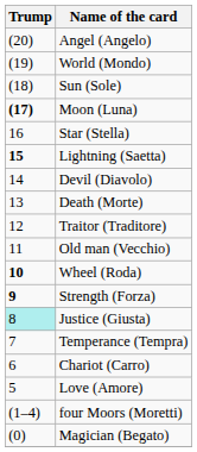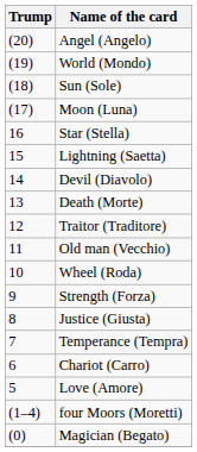 <table class=wikitable>
 <tr>
 <th><strong>Trump</strong></th>
 <th><strong>Name of the card</strong></th>
 </tr>
 <tr>
 <td>(20)</td>
 <td>Angel (Angelo)</td>
 </tr>
 <tr>
 <td>(19)</td>
 <td>World (Mondo)</td>
 </tr>
 <tr>
 <td>(18)</td>
 <td>Sun (Sole)</td>
 </tr>
 <tr>
-<td><strong>(17)</strong></td>
+<td>(17)</td>
 <td>Moon (Luna)</td>
 </tr>
 <tr>
 <td>16</td>
 <td>Star (Stella)</td>
 </tr>
 <tr>
-<td><strong>15</strong></td>
+<td>15</td>
 <td>Lightning (Saetta)</td>
 </tr>
 <tr>
 <td>14</td>
 <td>Devil (Diavolo)</td>
 </tr>
 <tr>
 <td>13</td>
 <td>Death (Morte)</td>
 </tr>
 <tr>
 <td>12</td>
 <td>Traitor (Traditore)</td>
 </tr>
 <tr>
 <td>11</td>
 <td>Old man (Vecchio)</td>
 </tr>
 <tr>
-<td><strong>10</strong></td>
+<td>10</td>
 <td>Wheel (Roda)</td>
 </tr>
 <tr>
-<td><strong>9</strong></td>
+<td>9</td>
 <td>Strength (Forza)</td>
 </tr>
 <tr>
-<td style="background: paleturquoise;">8</td>
+<td>8</td>
 <td>Justice (Giusta)</td>
 </tr>
 <tr>
 <td>7</td>
 <td>Temperance (Tempra)</td>
 </tr>
 <tr>
 <td>6</td>
 <td>Chariot (Carro)</td>
 </tr>
 <tr>
 <td>5</td>
 <td>Love (Amore)</td>
 </tr>
 <tr>
 <td>(1–4)</td>
 <td>four Moors (Moretti)</td>
 </tr>
 <tr>
 <td>(0)</td>
 <td>Magician (Begato)</td>
 </tr>
 <tr>
 </tr>
 </table>
